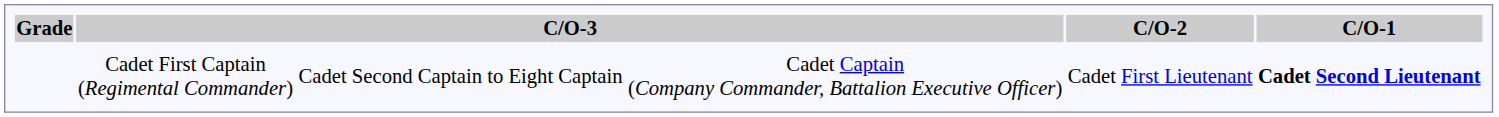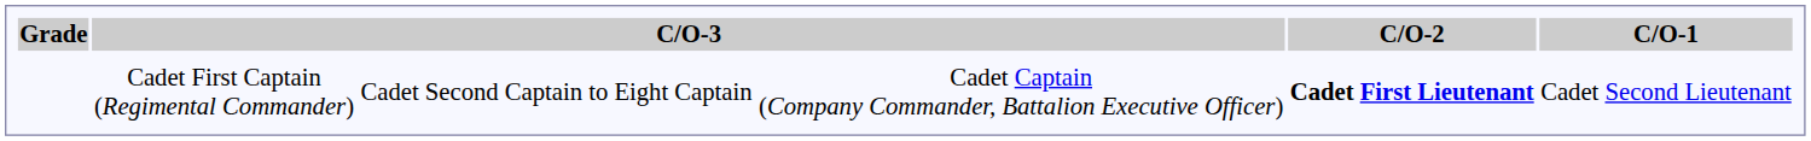 <table style="border:1px solid #8888aa; background-color:#f7f8ff; padding:5px; font-size:95%; margin: 0px 12px 12px 0px;">
 <tr style="background-color:#CCCCCC; text-align:center;">
 <th>Grade</th>
 <th colspan=3>C/O-3</th>
 <th>C/O-2</th>
 <th>C/O-1</th>
 </tr>
 <tr style="text-align:center;">
 <th rowspan=2></th>
 <td></td>
 <td></td>
 <td></td>
 <td></td>
 <td></td>
 </tr>
 <tr style="text-align:center;">
 <td>Cadet First Captain<br>(<em>Regimental Commander</em>)<br></td>
 <td>Cadet Second Captain to Eight Captain</td>
 <td>Cadet <a href='#'>Captain</a><br>(<em>Company Commander, Battalion Executive Officer</em>)</td>
-<td>Cadet <a href='#'>First Lieutenant</a></td>
-<td><strong>Cadet <a href='#'>Second Lieutenant</a></strong></td>
+<td><strong>Cadet <a href='#'>First Lieutenant</a></strong></td>
+<td>Cadet <a href='#'>Second Lieutenant</a></td>
 </tr>
 </table>
